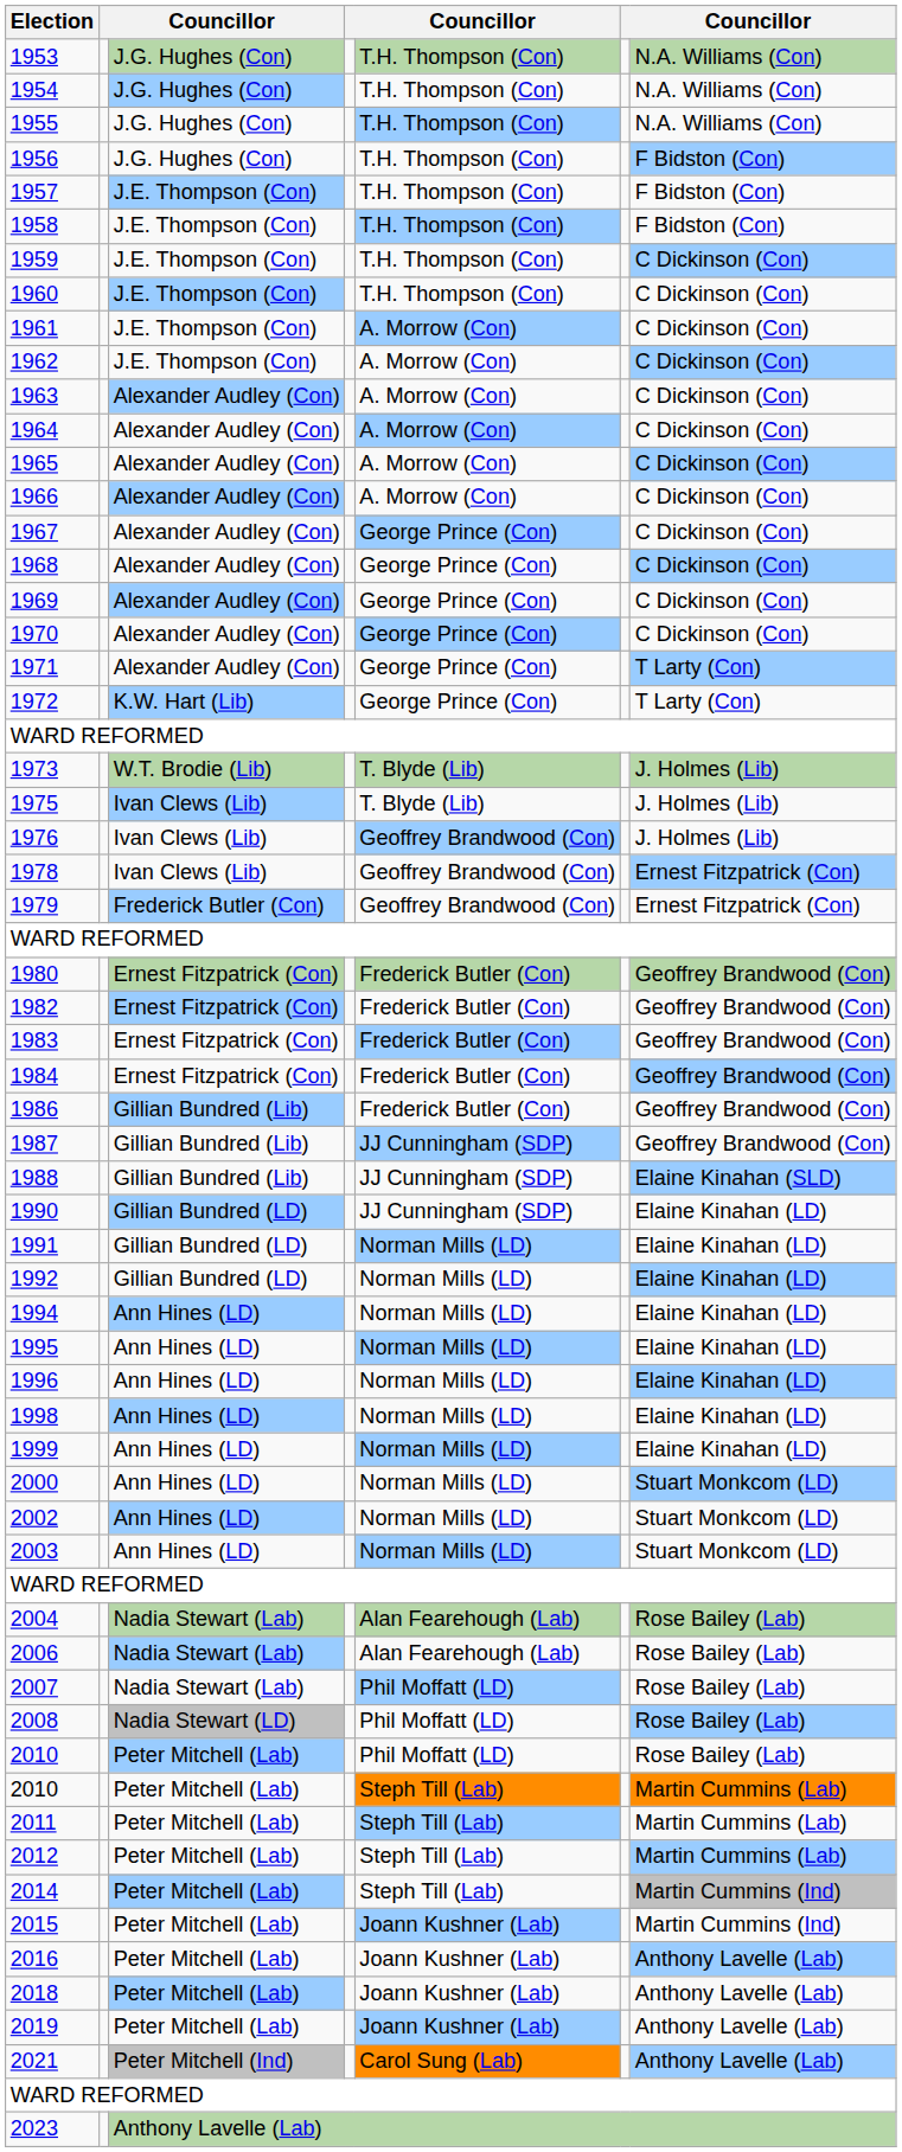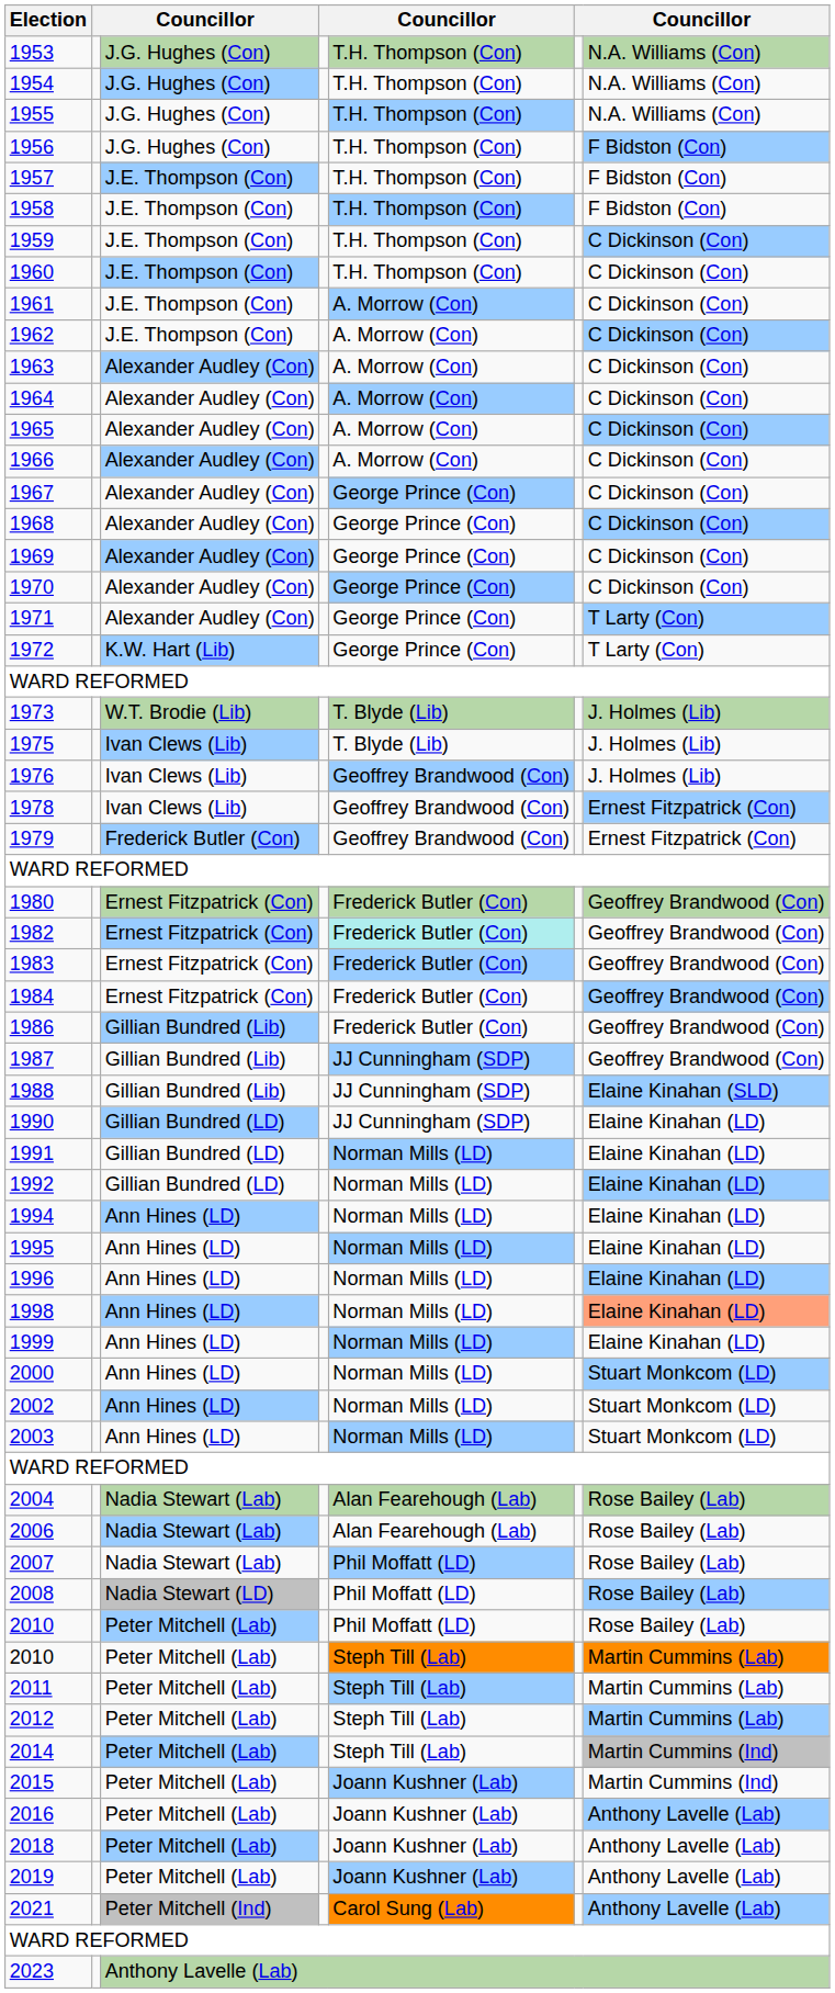 <table class="wikitable">
 <tr>
 <th>Election</th>
 <th colspan="2">Councillor</th>
 <th colspan="2">Councillor</th>
 <th colspan="2">Councillor</th>
 </tr>
 <tr>
 <td><a href='#'>1953</a></td>
 <td style="background-color: "></td>
 <td bgcolor="#B6D7A8">J.G. Hughes (<a href='#'>Con</a>)</td>
 <td style="background-color: "></td>
 <td bgcolor="#B6D7A8">T.H. Thompson (<a href='#'>Con</a>)</td>
 <td style="background-color: "></td>
 <td bgcolor="#B6D7A8">N.A. Williams (<a href='#'>Con</a>)</td>
 </tr>
 <tr>
 <td><a href='#'>1954</a></td>
 <td style="background-color: "></td>
 <td bgcolor="#99CCFF">J.G. Hughes (<a href='#'>Con</a>)</td>
 <td style="background-color: "></td>
 <td>T.H. Thompson (<a href='#'>Con</a>)</td>
 <td style="background-color: "></td>
 <td>N.A. Williams (<a href='#'>Con</a>)</td>
 </tr>
 <tr>
 <td><a href='#'>1955</a></td>
 <td style="background-color: "></td>
 <td>J.G. Hughes (<a href='#'>Con</a>)</td>
 <td style="background-color: "></td>
 <td bgcolor="#99CCFF">T.H. Thompson (<a href='#'>Con</a>)</td>
 <td style="background-color: "></td>
 <td>N.A. Williams (<a href='#'>Con</a>)</td>
 </tr>
 <tr>
 <td><a href='#'>1956</a></td>
 <td style="background-color: "></td>
 <td>J.G. Hughes (<a href='#'>Con</a>)</td>
 <td style="background-color: "></td>
 <td>T.H. Thompson (<a href='#'>Con</a>)</td>
 <td style="background-color: "></td>
 <td bgcolor="#99CCFF">F Bidston (<a href='#'>Con</a>)</td>
 </tr>
 <tr>
 <td><a href='#'>1957</a></td>
 <td style="background-color: "></td>
 <td bgcolor="#99CCFF">J.E. Thompson (<a href='#'>Con</a>)</td>
 <td style="background-color: "></td>
 <td>T.H. Thompson (<a href='#'>Con</a>)</td>
 <td style="background-color: "></td>
 <td>F Bidston (<a href='#'>Con</a>)</td>
 </tr>
 <tr>
 <td><a href='#'>1958</a></td>
 <td style="background-color: "></td>
 <td>J.E. Thompson (<a href='#'>Con</a>)</td>
 <td style="background-color: "></td>
 <td bgcolor="#99CCFF">T.H. Thompson (<a href='#'>Con</a>)</td>
 <td style="background-color: "></td>
 <td>F Bidston (<a href='#'>Con</a>)</td>
 </tr>
 <tr>
 <td><a href='#'>1959</a></td>
 <td style="background-color: "></td>
 <td>J.E. Thompson (<a href='#'>Con</a>)</td>
 <td style="background-color: "></td>
 <td>T.H. Thompson (<a href='#'>Con</a>)</td>
 <td style="background-color: "></td>
 <td bgcolor="#99CCFF">C Dickinson (<a href='#'>Con</a>)</td>
 </tr>
 <tr>
 <td><a href='#'>1960</a></td>
 <td style="background-color: "></td>
 <td bgcolor="#99CCFF">J.E. Thompson (<a href='#'>Con</a>)</td>
 <td style="background-color: "></td>
 <td>T.H. Thompson (<a href='#'>Con</a>)</td>
 <td style="background-color: "></td>
 <td>C Dickinson (<a href='#'>Con</a>)</td>
 </tr>
 <tr>
 <td><a href='#'>1961</a></td>
 <td style="background-color: "></td>
 <td>J.E. Thompson (<a href='#'>Con</a>)</td>
 <td style="background-color: "></td>
 <td bgcolor="#99CCFF">A. Morrow (<a href='#'>Con</a>)</td>
 <td style="background-color: "></td>
 <td>C Dickinson (<a href='#'>Con</a>)</td>
 </tr>
 <tr>
 <td><a href='#'>1962</a></td>
 <td style="background-color: "></td>
 <td>J.E. Thompson (<a href='#'>Con</a>)</td>
 <td style="background-color: "></td>
 <td>A. Morrow (<a href='#'>Con</a>)</td>
 <td style="background-color: "></td>
 <td bgcolor="#99CCFF">C Dickinson (<a href='#'>Con</a>)</td>
 </tr>
 <tr>
 <td><a href='#'>1963</a></td>
 <td style="background-color: "></td>
 <td bgcolor="#99CCFF">Alexander Audley (<a href='#'>Con</a>)</td>
 <td style="background-color: "></td>
 <td>A. Morrow (<a href='#'>Con</a>)</td>
 <td style="background-color: "></td>
 <td>C Dickinson (<a href='#'>Con</a>)</td>
 </tr>
 <tr>
 <td><a href='#'>1964</a></td>
 <td style="background-color: "></td>
 <td>Alexander Audley (<a href='#'>Con</a>)</td>
 <td style="background-color: "></td>
 <td bgcolor="#99CCFF">A. Morrow (<a href='#'>Con</a>)</td>
 <td style="background-color: "></td>
 <td>C Dickinson (<a href='#'>Con</a>)</td>
 </tr>
 <tr>
 <td><a href='#'>1965</a></td>
 <td style="background-color: "></td>
 <td>Alexander Audley (<a href='#'>Con</a>)</td>
 <td style="background-color: "></td>
 <td>A. Morrow (<a href='#'>Con</a>)</td>
 <td style="background-color: "></td>
 <td bgcolor="#99CCFF">C Dickinson (<a href='#'>Con</a>)</td>
 </tr>
 <tr>
 <td><a href='#'>1966</a></td>
 <td style="background-color: "></td>
 <td bgcolor="#99CCFF">Alexander Audley (<a href='#'>Con</a>)</td>
 <td style="background-color: "></td>
 <td>A. Morrow (<a href='#'>Con</a>)</td>
 <td style="background-color: "></td>
 <td>C Dickinson (<a href='#'>Con</a>)</td>
 </tr>
 <tr>
 <td><a href='#'>1967</a></td>
 <td style="background-color: "></td>
 <td>Alexander Audley (<a href='#'>Con</a>)</td>
 <td style="background-color: "></td>
 <td bgcolor="#99CCFF">George Prince (<a href='#'>Con</a>)</td>
 <td style="background-color: "></td>
 <td>C Dickinson (<a href='#'>Con</a>)</td>
 </tr>
 <tr>
 <td><a href='#'>1968</a></td>
 <td style="background-color: "></td>
 <td>Alexander Audley (<a href='#'>Con</a>)</td>
 <td style="background-color: "></td>
 <td>George Prince (<a href='#'>Con</a>)</td>
 <td style="background-color: "></td>
 <td bgcolor="#99CCFF">C Dickinson (<a href='#'>Con</a>)</td>
 </tr>
 <tr>
 <td><a href='#'>1969</a></td>
 <td style="background-color: "></td>
 <td bgcolor="#99CCFF">Alexander Audley (<a href='#'>Con</a>)</td>
 <td style="background-color: "></td>
 <td>George Prince (<a href='#'>Con</a>)</td>
 <td style="background-color: "></td>
 <td>C Dickinson (<a href='#'>Con</a>)</td>
 </tr>
 <tr>
 <td><a href='#'>1970</a></td>
 <td style="background-color: "></td>
 <td>Alexander Audley (<a href='#'>Con</a>)</td>
 <td style="background-color: "></td>
 <td bgcolor="#99CCFF">George Prince (<a href='#'>Con</a>)</td>
 <td style="background-color: "></td>
 <td>C Dickinson (<a href='#'>Con</a>)</td>
 </tr>
 <tr>
 <td><a href='#'>1971</a></td>
 <td style="background-color: "></td>
 <td>Alexander Audley (<a href='#'>Con</a>)</td>
 <td style="background-color: "></td>
 <td>George Prince (<a href='#'>Con</a>)</td>
 <td style="background-color: "></td>
 <td bgcolor="#99CCFF">T Larty (<a href='#'>Con</a>)</td>
 </tr>
 <tr>
 <td><a href='#'>1972</a></td>
 <td style="background-color: "></td>
 <td bgcolor="#99CCFF">K.W. Hart (<a href='#'>Lib</a>)</td>
 <td style="background-color: "></td>
 <td>George Prince (<a href='#'>Con</a>)</td>
 <td style="background-color: "></td>
 <td>T Larty (<a href='#'>Con</a>)</td>
 </tr>
 <tr>
 <td colspan="8" bgcolor="#FFF"><div>WARD REFORMED</div></td>
 </tr>
 <tr>
 <td><a href='#'>1973</a></td>
 <td style="background-color: "></td>
 <td bgcolor="#B6D7A8">W.T. Brodie (<a href='#'>Lib</a>)</td>
 <td style="background-color: "></td>
 <td bgcolor="#B6D7A8">T. Blyde (<a href='#'>Lib</a>)</td>
 <td style="background-color: "></td>
 <td bgcolor="#B6D7A8">J. Holmes (<a href='#'>Lib</a>)</td>
 </tr>
 <tr>
 <td><a href='#'>1975</a></td>
 <td style="background-color: "></td>
 <td bgcolor="#99CCFF">Ivan Clews (<a href='#'>Lib</a>)</td>
 <td style="background-color: "></td>
 <td>T. Blyde (<a href='#'>Lib</a>)</td>
 <td style="background-color: "></td>
 <td>J. Holmes (<a href='#'>Lib</a>)</td>
 </tr>
 <tr>
 <td><a href='#'>1976</a></td>
 <td style="background-color: "></td>
 <td>Ivan Clews (<a href='#'>Lib</a>)</td>
 <td style="background-color: "></td>
 <td bgcolor="#99CCFF">Geoffrey Brandwood (<a href='#'>Con</a>)</td>
 <td style="background-color: "></td>
 <td>J. Holmes (<a href='#'>Lib</a>)</td>
 </tr>
 <tr>
 <td><a href='#'>1978</a></td>
 <td style="background-color: "></td>
 <td>Ivan Clews (<a href='#'>Lib</a>)</td>
 <td style="background-color: "></td>
 <td>Geoffrey Brandwood (<a href='#'>Con</a>)</td>
 <td style="background-color: "></td>
 <td bgcolor="#99CCFF">Ernest Fitzpatrick (<a href='#'>Con</a>)</td>
 </tr>
 <tr>
 <td><a href='#'>1979</a></td>
 <td style="background-color: "></td>
 <td bgcolor="#99CCFF">Frederick Butler (<a href='#'>Con</a>)</td>
 <td style="background-color: "></td>
 <td>Geoffrey Brandwood (<a href='#'>Con</a>)</td>
 <td style="background-color: "></td>
 <td>Ernest Fitzpatrick (<a href='#'>Con</a>)</td>
 </tr>
 <tr>
 <td colspan="8" bgcolor="#FFF"><div>WARD REFORMED</div></td>
 </tr>
 <tr>
 <td><a href='#'>1980</a></td>
 <td style="background-color: "></td>
 <td bgcolor="#B6D7A8">Ernest Fitzpatrick (<a href='#'>Con</a>)</td>
 <td style="background-color: "></td>
 <td bgcolor="#B6D7A8">Frederick Butler (<a href='#'>Con</a>)</td>
 <td style="background-color: "></td>
 <td bgcolor="#B6D7A8">Geoffrey Brandwood (<a href='#'>Con</a>)</td>
 </tr>
 <tr>
 <td><a href='#'>1982</a></td>
 <td style="background-color: "></td>
 <td bgcolor="#99CCFF">Ernest Fitzpatrick (<a href='#'>Con</a>)</td>
 <td style="background-color: "></td>
-<td>Frederick Butler (<a href='#'>Con</a>)</td>
+<td style="background: paleturquoise;">Frederick Butler (<a href='#'>Con</a>)</td>
 <td style="background-color: "></td>
 <td>Geoffrey Brandwood (<a href='#'>Con</a>)</td>
 </tr>
 <tr>
 <td><a href='#'>1983</a></td>
 <td style="background-color: "></td>
 <td>Ernest Fitzpatrick (<a href='#'>Con</a>)</td>
 <td style="background-color: "></td>
 <td bgcolor="#99CCFF">Frederick Butler (<a href='#'>Con</a>)</td>
 <td style="background-color: "></td>
 <td>Geoffrey Brandwood (<a href='#'>Con</a>)</td>
 </tr>
 <tr>
 <td><a href='#'>1984</a></td>
 <td style="background-color: "></td>
 <td>Ernest Fitzpatrick (<a href='#'>Con</a>)</td>
 <td style="background-color: "></td>
 <td>Frederick Butler (<a href='#'>Con</a>)</td>
 <td style="background-color: "></td>
 <td bgcolor="#99CCFF">Geoffrey Brandwood (<a href='#'>Con</a>)</td>
 </tr>
 <tr>
 <td><a href='#'>1986</a></td>
 <td style="background-color: "></td>
 <td bgcolor="#99CCFF">Gillian Bundred (<a href='#'>Lib</a>)</td>
 <td style="background-color: "></td>
 <td>Frederick Butler (<a href='#'>Con</a>)</td>
 <td style="background-color: "></td>
 <td>Geoffrey Brandwood (<a href='#'>Con</a>)</td>
 </tr>
 <tr>
 <td><a href='#'>1987</a></td>
 <td style="background-color: "></td>
 <td>Gillian Bundred (<a href='#'>Lib</a>)</td>
 <td style="background-color: "></td>
 <td bgcolor="#99CCFF">JJ Cunningham (<a href='#'>SDP</a>)</td>
 <td style="background-color: "></td>
 <td>Geoffrey Brandwood (<a href='#'>Con</a>)</td>
 </tr>
 <tr>
 <td><a href='#'>1988</a></td>
 <td style="background-color: "></td>
 <td>Gillian Bundred (<a href='#'>Lib</a>)</td>
 <td style="background-color: "></td>
 <td>JJ Cunningham (<a href='#'>SDP</a>)</td>
 <td style="background-color: "></td>
 <td bgcolor="#99CCFF">Elaine Kinahan (<a href='#'>SLD</a>)</td>
 </tr>
 <tr>
 <td><a href='#'>1990</a></td>
 <td style="background-color: "></td>
 <td bgcolor="#99CCFF">Gillian Bundred (<a href='#'>LD</a>)</td>
 <td style="background-color: "></td>
 <td>JJ Cunningham (<a href='#'>SDP</a>)</td>
 <td style="background-color: "></td>
 <td>Elaine Kinahan (<a href='#'>LD</a>)</td>
 </tr>
 <tr>
 <td><a href='#'>1991</a></td>
 <td style="background-color: "></td>
 <td>Gillian Bundred (<a href='#'>LD</a>)</td>
 <td style="background-color: "></td>
 <td bgcolor="#99CCFF">Norman Mills (<a href='#'>LD</a>)</td>
 <td style="background-color: "></td>
 <td>Elaine Kinahan (<a href='#'>LD</a>)</td>
 </tr>
 <tr>
 <td><a href='#'>1992</a></td>
 <td style="background-color: "></td>
 <td>Gillian Bundred (<a href='#'>LD</a>)</td>
 <td style="background-color: "></td>
 <td>Norman Mills (<a href='#'>LD</a>)</td>
 <td style="background-color: "></td>
 <td bgcolor="#99CCFF">Elaine Kinahan (<a href='#'>LD</a>)</td>
 </tr>
 <tr>
 <td><a href='#'>1994</a></td>
 <td style="background-color: "></td>
 <td bgcolor="#99CCFF">Ann Hines (<a href='#'>LD</a>)</td>
 <td style="background-color: "></td>
 <td>Norman Mills (<a href='#'>LD</a>)</td>
 <td style="background-color: "></td>
 <td>Elaine Kinahan (<a href='#'>LD</a>)</td>
 </tr>
 <tr>
 <td><a href='#'>1995</a></td>
 <td style="background-color: "></td>
 <td>Ann Hines (<a href='#'>LD</a>)</td>
 <td style="background-color: "></td>
 <td bgcolor="#99CCFF">Norman Mills (<a href='#'>LD</a>)</td>
 <td style="background-color: "></td>
 <td>Elaine Kinahan (<a href='#'>LD</a>)</td>
 </tr>
 <tr>
 <td><a href='#'>1996</a></td>
 <td style="background-color: "></td>
 <td>Ann Hines (<a href='#'>LD</a>)</td>
 <td style="background-color: "></td>
 <td>Norman Mills (<a href='#'>LD</a>)</td>
 <td style="background-color: "></td>
 <td bgcolor="#99CCFF">Elaine Kinahan (<a href='#'>LD</a>)</td>
 </tr>
 <tr>
 <td><a href='#'>1998</a></td>
 <td style="background-color: "></td>
 <td bgcolor="#99CCFF">Ann Hines (<a href='#'>LD</a>)</td>
 <td style="background-color: "></td>
 <td>Norman Mills (<a href='#'>LD</a>)</td>
 <td style="background-color: "></td>
-<td>Elaine Kinahan (<a href='#'>LD</a>)</td>
+<td style="background: lightsalmon;">Elaine Kinahan (<a href='#'>LD</a>)</td>
 </tr>
 <tr>
 <td><a href='#'>1999</a></td>
 <td style="background-color: "></td>
 <td>Ann Hines (<a href='#'>LD</a>)</td>
 <td style="background-color: "></td>
 <td bgcolor="#99CCFF">Norman Mills (<a href='#'>LD</a>)</td>
 <td style="background-color: "></td>
 <td>Elaine Kinahan (<a href='#'>LD</a>)</td>
 </tr>
 <tr>
 <td><a href='#'>2000</a></td>
 <td style="background-color: "></td>
 <td>Ann Hines (<a href='#'>LD</a>)</td>
 <td style="background-color: "></td>
 <td>Norman Mills (<a href='#'>LD</a>)</td>
 <td style="background-color: "></td>
 <td bgcolor="#99CCFF">Stuart Monkcom (<a href='#'>LD</a>)</td>
 </tr>
 <tr>
 <td><a href='#'>2002</a></td>
 <td style="background-color: "></td>
 <td bgcolor="#99CCFF">Ann Hines (<a href='#'>LD</a>)</td>
 <td style="background-color: "></td>
 <td>Norman Mills (<a href='#'>LD</a>)</td>
 <td style="background-color: "></td>
 <td>Stuart Monkcom (<a href='#'>LD</a>)</td>
 </tr>
 <tr>
 <td><a href='#'>2003</a></td>
 <td style="background-color: "></td>
 <td>Ann Hines (<a href='#'>LD</a>)</td>
 <td style="background-color: "></td>
 <td bgcolor="#99CCFF">Norman Mills (<a href='#'>LD</a>)</td>
 <td style="background-color: "></td>
 <td>Stuart Monkcom (<a href='#'>LD</a>)</td>
 </tr>
 <tr>
 <td colspan="8" bgcolor="#FFF"><div>WARD REFORMED</div></td>
 </tr>
 <tr>
 <td><a href='#'>2004</a></td>
 <td style="background-color: "></td>
 <td bgcolor="#B6D7A8">Nadia Stewart (<a href='#'>Lab</a>)</td>
 <td style="background-color: "></td>
 <td bgcolor="#B6D7A8">Alan Fearehough (<a href='#'>Lab</a>)</td>
 <td style="background-color: "></td>
 <td bgcolor="#B6D7A8">Rose Bailey (<a href='#'>Lab</a>)</td>
 </tr>
 <tr>
 <td><a href='#'>2006</a></td>
 <td style="background-color: "></td>
 <td bgcolor="#99CCFF">Nadia Stewart (<a href='#'>Lab</a>)</td>
 <td style="background-color: "></td>
 <td>Alan Fearehough (<a href='#'>Lab</a>)</td>
 <td style="background-color: "></td>
 <td>Rose Bailey (<a href='#'>Lab</a>)</td>
 </tr>
 <tr>
 <td><a href='#'>2007</a></td>
 <td style="background-color: "></td>
 <td>Nadia Stewart (<a href='#'>Lab</a>)</td>
 <td style="background-color: "></td>
 <td bgcolor="#99CCFF">Phil Moffatt (<a href='#'>LD</a>)</td>
 <td style="background-color: "></td>
 <td>Rose Bailey (<a href='#'>Lab</a>)</td>
 </tr>
 <tr>
 <td><a href='#'>2008</a></td>
 <td style="background-color: "></td>
 <td bgcolor="#C0C0C0">Nadia Stewart (<a href='#'>LD</a>)</td>
 <td style="background-color: "></td>
 <td>Phil Moffatt (<a href='#'>LD</a>)</td>
 <td style="background-color: "></td>
 <td bgcolor="#99CCFF">Rose Bailey (<a href='#'>Lab</a>)</td>
 </tr>
 <tr>
 <td><a href='#'>2010</a></td>
 <td style="background-color: "></td>
 <td bgcolor="#99CCFF">Peter Mitchell (<a href='#'>Lab</a>)</td>
 <td style="background-color: "></td>
 <td>Phil Moffatt (<a href='#'>LD</a>)</td>
 <td style="background-color: "></td>
 <td>Rose Bailey (<a href='#'>Lab</a>)</td>
 </tr>
 <tr>
 <td>2010</td>
 <td style="background-color: "></td>
 <td>Peter Mitchell (<a href='#'>Lab</a>)</td>
 <td style="background-color: "></td>
 <td bgcolor="#FF8C00">Steph Till (<a href='#'>Lab</a>)</td>
 <td style="background-color: "></td>
 <td bgcolor="#FF8C00">Martin Cummins (<a href='#'>Lab</a>)</td>
 </tr>
 <tr>
 <td><a href='#'>2011</a></td>
 <td style="background-color: "></td>
 <td>Peter Mitchell (<a href='#'>Lab</a>)</td>
 <td style="background-color: "></td>
 <td bgcolor="#99CCFF">Steph Till (<a href='#'>Lab</a>)</td>
 <td style="background-color: "></td>
 <td>Martin Cummins (<a href='#'>Lab</a>)</td>
 </tr>
 <tr>
 <td><a href='#'>2012</a></td>
 <td style="background-color: "></td>
 <td>Peter Mitchell (<a href='#'>Lab</a>)</td>
 <td style="background-color: "></td>
 <td>Steph Till (<a href='#'>Lab</a>)</td>
 <td style="background-color: "></td>
 <td bgcolor="#99CCFF">Martin Cummins (<a href='#'>Lab</a>)</td>
 </tr>
 <tr>
 <td><a href='#'>2014</a></td>
 <td style="background-color: "></td>
 <td bgcolor="#99CCFF">Peter Mitchell (<a href='#'>Lab</a>)</td>
 <td style="background-color: "></td>
 <td>Steph Till (<a href='#'>Lab</a>)</td>
 <td style="background-color: "></td>
 <td bgcolor="#C0C0C0">Martin Cummins (<a href='#'>Ind</a>)</td>
 </tr>
 <tr>
 <td><a href='#'>2015</a></td>
 <td style="background-color: "></td>
 <td>Peter Mitchell (<a href='#'>Lab</a>)</td>
 <td style="background-color: "></td>
 <td bgcolor="#99CCFF">Joann Kushner (<a href='#'>Lab</a>)</td>
 <td style="background-color: "></td>
 <td>Martin Cummins (<a href='#'>Ind</a>)</td>
 </tr>
 <tr>
 <td><a href='#'>2016</a></td>
 <td style="background-color: "></td>
 <td>Peter Mitchell (<a href='#'>Lab</a>)</td>
 <td style="background-color: "></td>
 <td>Joann Kushner (<a href='#'>Lab</a>)</td>
 <td style="background-color: "></td>
 <td bgcolor="#99CCFF">Anthony Lavelle (<a href='#'>Lab</a>)</td>
 </tr>
 <tr>
 <td><a href='#'>2018</a></td>
 <td style="background-color: "></td>
 <td bgcolor="#99CCFF">Peter Mitchell (<a href='#'>Lab</a>)</td>
 <td style="background-color: "></td>
 <td>Joann Kushner (<a href='#'>Lab</a>)</td>
 <td style="background-color: "></td>
 <td>Anthony Lavelle (<a href='#'>Lab</a>)</td>
 </tr>
 <tr>
 <td><a href='#'>2019</a></td>
 <td style="background-color: "></td>
 <td>Peter Mitchell (<a href='#'>Lab</a>)</td>
 <td style="background-color: "></td>
 <td bgcolor="#99CCFF">Joann Kushner (<a href='#'>Lab</a>)</td>
 <td style="background-color: "></td>
 <td>Anthony Lavelle (<a href='#'>Lab</a>)</td>
 </tr>
 <tr>
 <td><a href='#'>2021</a></td>
 <td style="background-color: "></td>
 <td bgcolor="#C0C0C0">Peter Mitchell (<a href='#'>Ind</a>)</td>
 <td style="background-color: "></td>
 <td bgcolor="#FF8C00">Carol Sung (<a href='#'>Lab</a>)</td>
 <td style="background-color: "></td>
 <td bgcolor="#99CCFF">Anthony Lavelle (<a href='#'>Lab</a>)</td>
 </tr>
 <tr>
 <td colspan="8" bgcolor="#FFF"><div>WARD REFORMED</div></td>
 </tr>
 <tr>
 <td><a href='#'>2023</a></td>
 <td style="background-color: "></td>
 <td colspan="6" bgcolor="#B6D7A8">Anthony Lavelle (<a href='#'>Lab</a>)</td>
 </tr>
 </table>
